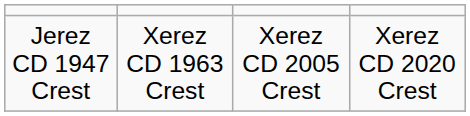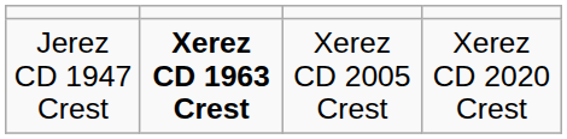 <table class="wikitable col1cen col2cen" style="width:300px">
 <tr>
 <td align="center"></td>
 <td align="center"></td>
 <td align="center"></td>
 <td align="center"></td>
 </tr>
 <tr>
 <td align="center">Jerez CD 1947 Crest</td>
-<td align="center">Xerez CD 1963 Crest</td>
+<td align="center"><strong>Xerez CD 1963 Crest</strong></td>
 <td align="center">Xerez CD 2005 Crest</td>
 <td align="center">Xerez CD 2020 Crest</td>
 </tr>
 </table>
